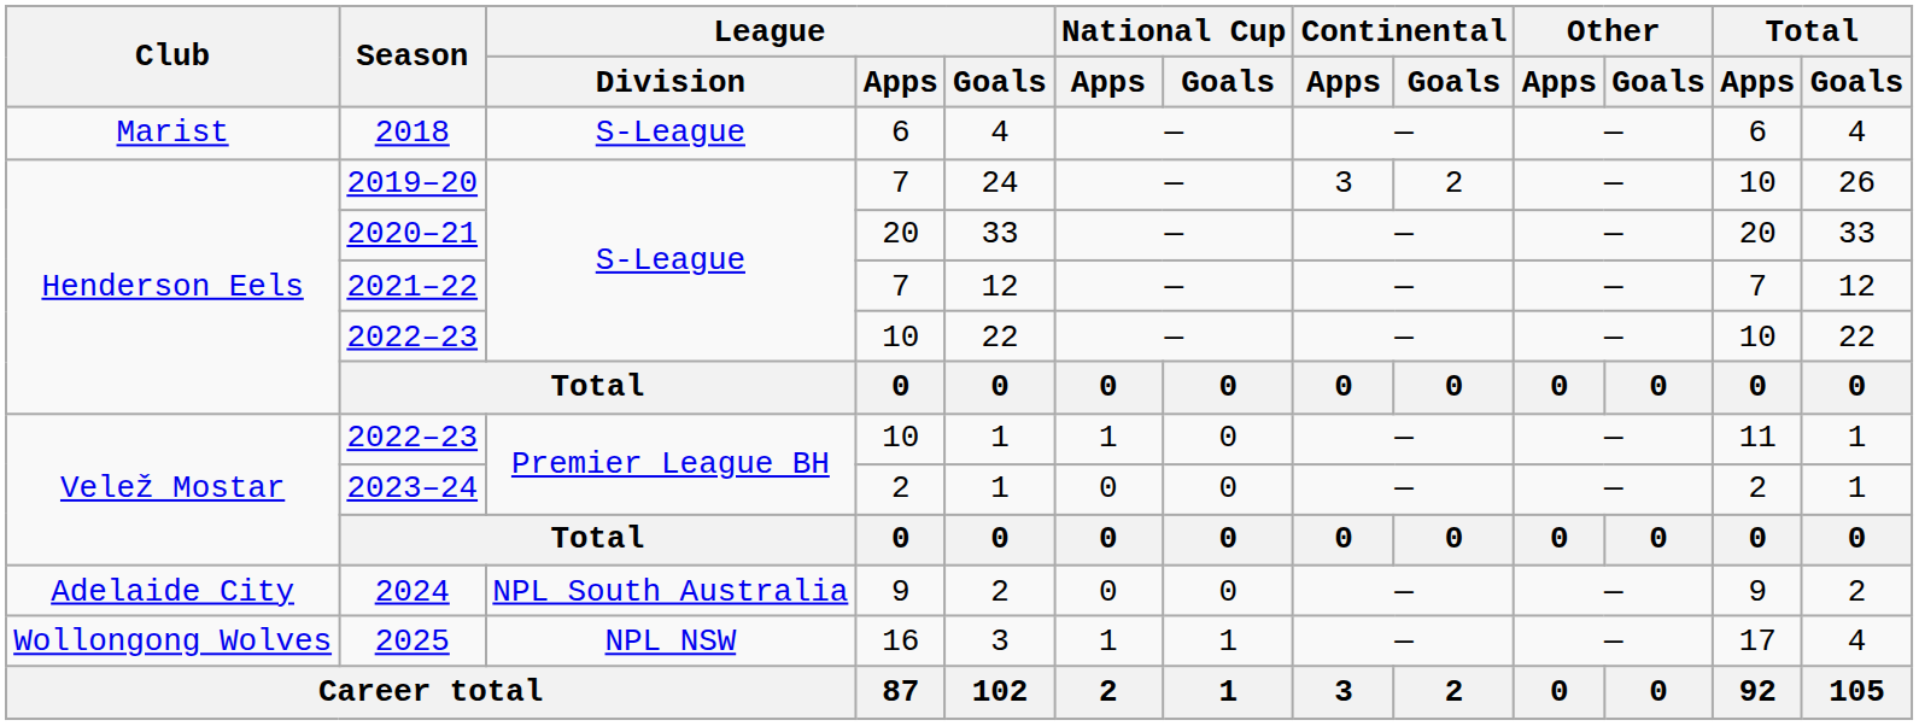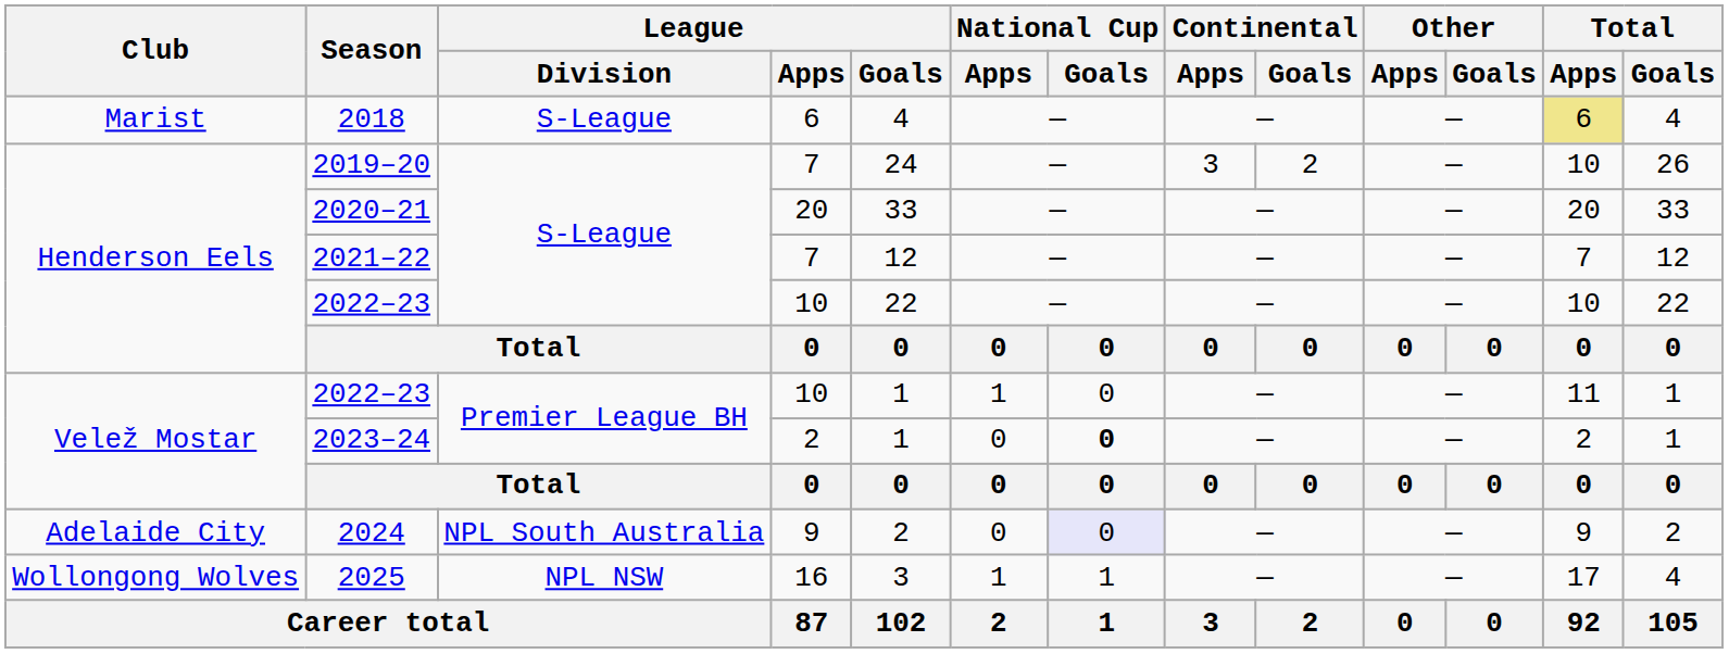 <table class="wikitable" style="text-align:center">
 <tr>
 <th rowspan="2">Club</th>
 <th rowspan="2">Season</th>
 <th colspan="3">League</th>
 <th colspan="2">National Cup</th>
 <th colspan="2">Continental</th>
 <th colspan="2">Other</th>
 <th colspan="2">Total</th>
 </tr>
 <tr>
 <th>Division</th>
 <th>Apps</th>
 <th>Goals</th>
 <th>Apps</th>
 <th>Goals</th>
 <th>Apps</th>
 <th>Goals</th>
 <th>Apps</th>
 <th>Goals</th>
 <th>Apps</th>
 <th>Goals</th>
 </tr>
 <tr>
 <td><a href='#'>Marist</a></td>
 <td><a href='#'>2018</a></td>
 <td><a href='#'>S-League</a></td>
 <td>6</td>
 <td>4</td>
 <td colspan="2">—</td>
 <td colspan="2">—</td>
 <td colspan="2">—</td>
-<td>6</td>
+<td style="background: khaki;">6</td>
 <td>4</td>
 </tr>
 <tr>
 <td rowspan="5"><a href='#'>Henderson Eels</a></td>
 <td><a href='#'>2019–20</a></td>
 <td rowspan="4"><a href='#'>S-League</a></td>
 <td>7</td>
 <td>24</td>
 <td colspan="2">—</td>
 <td>3</td>
 <td>2</td>
 <td colspan="2">—</td>
 <td>10</td>
 <td>26</td>
 </tr>
 <tr>
 <td><a href='#'>2020–21</a></td>
 <td>20</td>
 <td>33</td>
 <td colspan="2">—</td>
 <td colspan="2">—</td>
 <td colspan="2">—</td>
 <td>20</td>
 <td>33</td>
 </tr>
 <tr>
 <td><a href='#'>2021–22</a></td>
 <td>7</td>
 <td>12</td>
 <td colspan="2">—</td>
 <td colspan="2">—</td>
 <td colspan="2">—</td>
 <td>7</td>
 <td>12</td>
 </tr>
 <tr>
 <td><a href='#'>2022–23</a></td>
 <td>10</td>
 <td>22</td>
 <td colspan="2">—</td>
 <td colspan="2">—</td>
 <td colspan="2">—</td>
 <td>10</td>
 <td>22</td>
 </tr>
 <tr>
 <th colspan="2">Total</th>
 <th>0</th>
 <th>0</th>
 <th>0</th>
 <th>0</th>
 <th>0</th>
 <th>0</th>
 <th>0</th>
 <th>0</th>
 <th>0</th>
 <th>0</th>
 </tr>
 <tr>
 <td rowspan="3"><a href='#'>Velež Mostar</a></td>
 <td><a href='#'>2022–23</a></td>
 <td rowspan="2"><a href='#'>Premier League BH</a></td>
 <td>10</td>
 <td>1</td>
 <td>1</td>
 <td>0</td>
 <td colspan="2">—</td>
 <td colspan="2">—</td>
 <td>11</td>
 <td>1</td>
 </tr>
 <tr>
 <td><a href='#'>2023–24</a></td>
 <td>2</td>
 <td>1</td>
 <td>0</td>
-<td>0</td>
+<td><strong>0</strong></td>
 <td colspan="2">—</td>
 <td colspan="2">—</td>
 <td>2</td>
 <td>1</td>
 </tr>
 <tr>
 <th colspan="2">Total</th>
 <th>0</th>
 <th>0</th>
 <th>0</th>
 <th>0</th>
 <th>0</th>
 <th>0</th>
 <th>0</th>
 <th>0</th>
 <th>0</th>
 <th>0</th>
 </tr>
 <tr>
 <td><a href='#'>Adelaide City</a></td>
 <td><a href='#'>2024</a></td>
 <td><a href='#'>NPL South Australia</a></td>
 <td>9</td>
 <td>2</td>
 <td>0</td>
-<td>0</td>
+<td style="background: lavender;">0</td>
 <td colspan="2">—</td>
 <td colspan="2">—</td>
 <td>9</td>
 <td>2</td>
 </tr>
 <tr>
 <td><a href='#'>Wollongong Wolves</a></td>
 <td><a href='#'>2025</a></td>
 <td><a href='#'>NPL NSW</a></td>
 <td>16</td>
 <td>3</td>
 <td>1</td>
 <td>1</td>
 <td colspan="2">—</td>
 <td colspan="2">—</td>
 <td>17</td>
 <td>4</td>
 </tr>
 <tr>
 <th colspan="3">Career total</th>
 <th>87</th>
 <th>102</th>
 <th>2</th>
 <th>1</th>
 <th>3</th>
 <th>2</th>
 <th>0</th>
 <th>0</th>
 <th>92</th>
 <th>105</th>
 </tr>
 </table>
